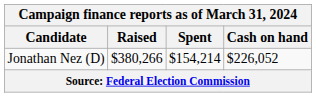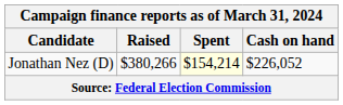 <table class="wikitable sortable">
 <tr>
 <th colspan="4">Campaign finance reports as of March 31, 2024</th>
 </tr>
 <tr style="text-align:center;">
 <th>Candidate</th>
 <th>Raised</th>
 <th>Spent</th>
 <th>Cash on hand</th>
 </tr>
 <tr>
 <td>Jonathan Nez (D)</td>
 <td>$380,266</td>
-<td>$154,214</td>
+<td style="background: lightyellow;">$154,214</td>
 <td>$226,052</td>
 </tr>
 <tr>
 <th colspan="4"><small>Source: <a href='#'>Federal Election Commission</a></small></th>
 </tr>
 </table>
